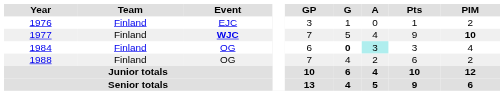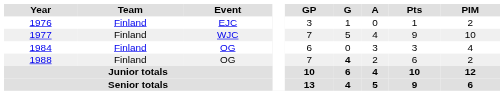 <table border="0" cellpadding="1" cellspacing="0" style="text-align:center; width:50em">
 <tr ALIGN="center" bgcolor="#e0e0e0">
 <th>Year</th>
 <th>Team</th>
 <th>Event</th>
 <th rowspan="99" bgcolor="#ffffff"> </th>
 <th>GP</th>
 <th>G</th>
 <th>A</th>
 <th>Pts</th>
 <th>PIM</th>
 </tr>
 <tr>
 <td><a href='#'>1976</a></td>
 <td><a href='#'>Finland</a></td>
 <td><a href='#'>EJC</a></td>
 <td>3</td>
 <td>1</td>
 <td>0</td>
 <td>1</td>
 <td>2</td>
 </tr>
 <tr bgcolor="#f0f0f0">
 <td><a href='#'>1977</a></td>
 <td>Finland</td>
-<td><strong><a href='#'>WJC</a></strong></td>
+<td><a href='#'>WJC</a></td>
 <td>7</td>
 <td>5</td>
 <td>4</td>
 <td>9</td>
-<td><strong>10</strong></td>
+<td>10</td>
 </tr>
 <tr>
 <td><a href='#'>1984</a></td>
 <td><a href='#'>Finland</a></td>
 <td><a href='#'>OG</a></td>
 <td>6</td>
-<td><strong>0</strong></td>
-<td style="background: paleturquoise;">3</td>
+<td>0</td>
+<td>3</td>
 <td>3</td>
 <td>4</td>
 </tr>
 <tr bgcolor="#f0f0f0">
 <td><a href='#'>1988</a></td>
 <td>Finland</td>
 <td>OG</td>
 <td>7</td>
-<td>4</td>
+<td><strong>4</strong></td>
 <td>2</td>
 <td>6</td>
 <td>2</td>
 </tr>
 <tr bgcolor="#e0e0e0">
 <th colspan=3>Junior totals</th>
 <th>10</th>
 <th>6</th>
 <th>4</th>
 <th>10</th>
 <th>12</th>
 </tr>
 <tr bgcolor="#e0e0e0">
 <th colspan=3>Senior totals</th>
 <th>13</th>
 <th>4</th>
 <th>5</th>
 <th>9</th>
 <th>6</th>
 </tr>
 </table>
